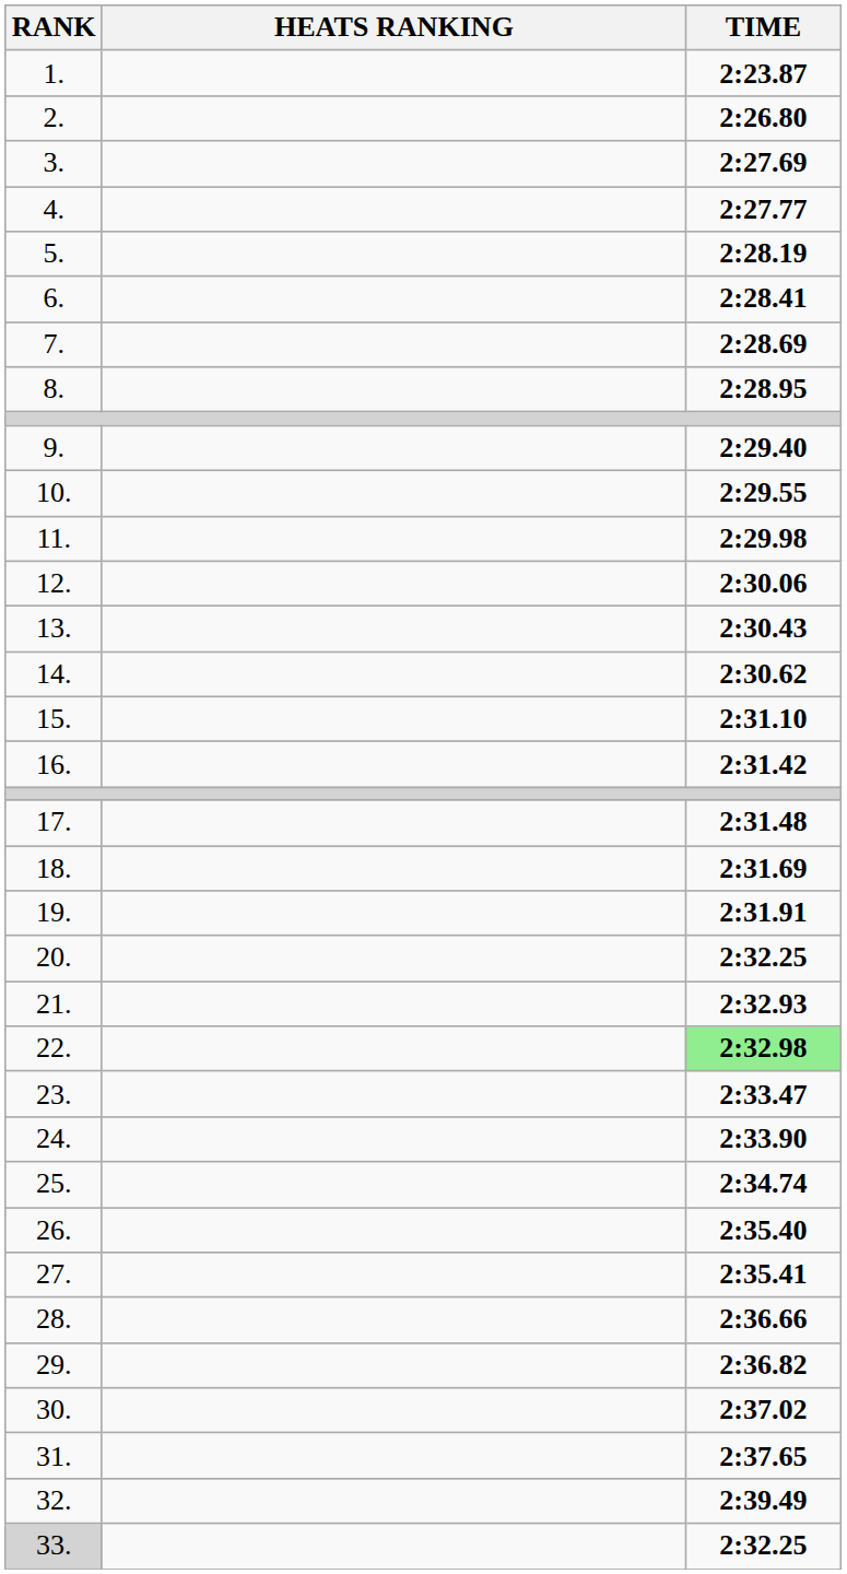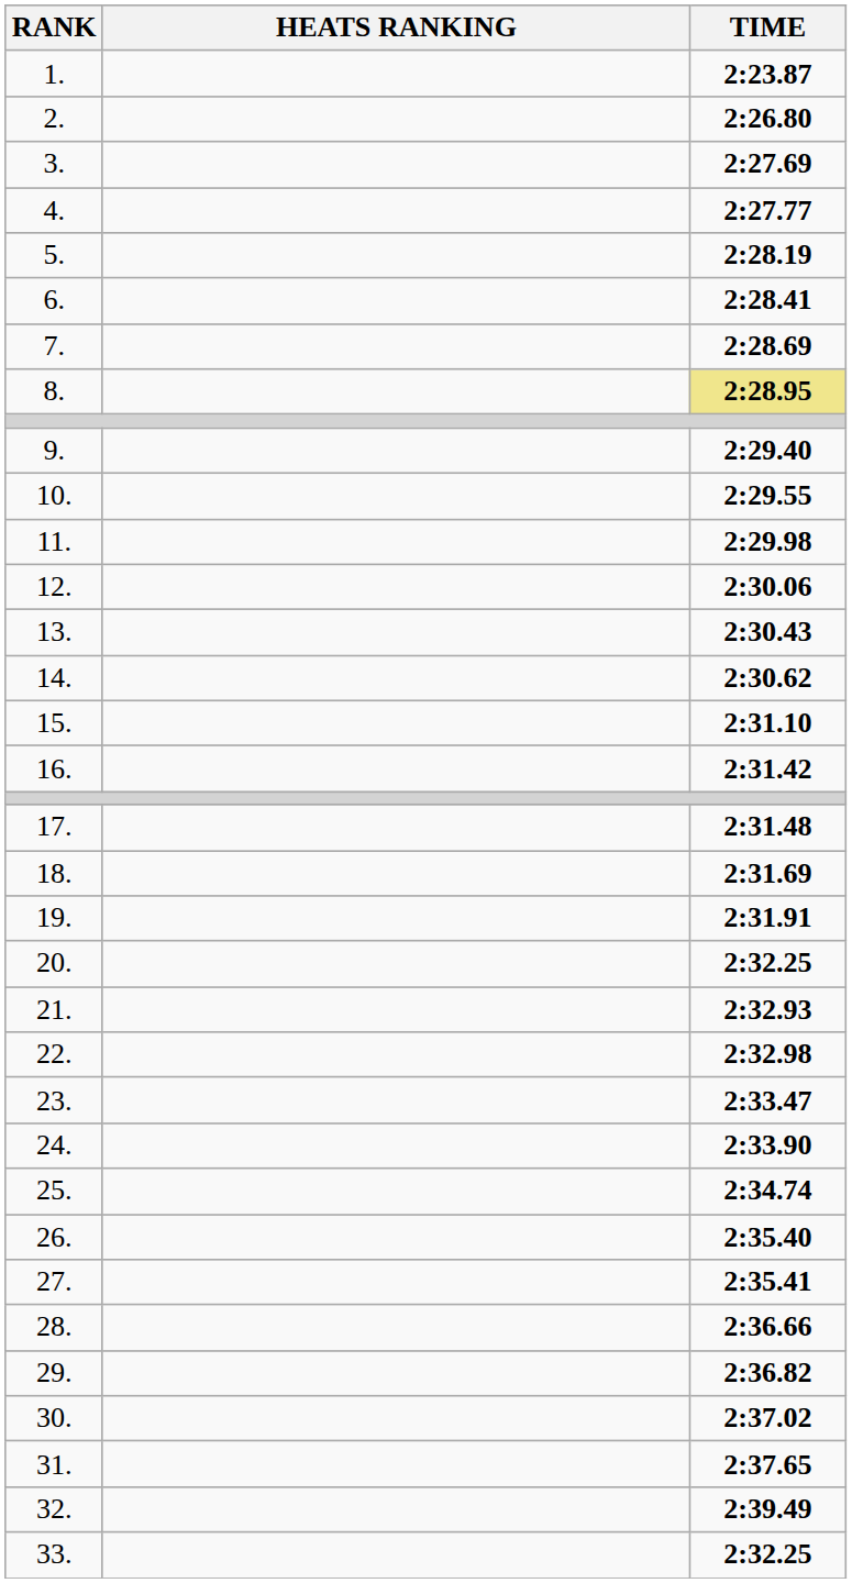 <table class="wikitable">
 <tr>
 <th>RANK</th>
 <th style="width: 20em">HEATS RANKING</th>
 <th style="width: 5em">TIME</th>
 </tr>
 <tr>
 <td align="center">1.</td>
 <td></td>
 <td align="center"><strong>2:23.87</strong></td>
 </tr>
 <tr>
 <td align="center">2.</td>
 <td></td>
 <td align="center"><strong>2:26.80</strong></td>
 </tr>
 <tr>
 <td align="center">3.</td>
 <td></td>
 <td align="center"><strong>2:27.69</strong></td>
 </tr>
 <tr>
 <td align="center">4.</td>
 <td></td>
 <td align="center"><strong>2:27.77</strong></td>
 </tr>
 <tr>
 <td align="center">5.</td>
 <td></td>
 <td align="center"><strong>2:28.19</strong></td>
 </tr>
 <tr>
 <td align="center">6.</td>
 <td></td>
 <td align="center"><strong>2:28.41</strong></td>
 </tr>
 <tr>
 <td align="center">7.</td>
 <td></td>
 <td align="center"><strong>2:28.69</strong></td>
 </tr>
 <tr>
 <td align="center">8.</td>
 <td></td>
-<td align="center"><strong>2:28.95</strong></td>
+<td align="center" style="background: khaki;"><strong>2:28.95</strong></td>
 </tr>
 <tr>
 <td colspan=3 bgcolor=lightgray></td>
 </tr>
 <tr>
 <td align="center">9.</td>
 <td></td>
 <td align="center"><strong>2:29.40</strong></td>
 </tr>
 <tr>
 <td align="center">10.</td>
 <td></td>
 <td align="center"><strong>2:29.55</strong></td>
 </tr>
 <tr>
 <td align="center">11.</td>
 <td></td>
 <td align="center"><strong>2:29.98</strong></td>
 </tr>
 <tr>
 <td align="center">12.</td>
 <td></td>
 <td align="center"><strong>2:30.06</strong></td>
 </tr>
 <tr>
 <td align="center">13.</td>
 <td></td>
 <td align="center"><strong>2:30.43</strong></td>
 </tr>
 <tr>
 <td align="center">14.</td>
 <td></td>
 <td align="center"><strong>2:30.62</strong></td>
 </tr>
 <tr>
 <td align="center">15.</td>
 <td></td>
 <td align="center"><strong>2:31.10</strong></td>
 </tr>
 <tr>
 <td align="center">16.</td>
 <td></td>
 <td align="center"><strong>2:31.42</strong></td>
 </tr>
 <tr>
 <td colspan=3 bgcolor=lightgray></td>
 </tr>
 <tr>
 <td align="center">17.</td>
 <td></td>
 <td align="center"><strong>2:31.48</strong></td>
 </tr>
 <tr>
 <td align="center">18.</td>
 <td></td>
 <td align="center"><strong>2:31.69</strong></td>
 </tr>
 <tr>
 <td align="center">19.</td>
 <td></td>
 <td align="center"><strong>2:31.91</strong></td>
 </tr>
 <tr>
 <td align="center">20.</td>
 <td></td>
 <td align="center"><strong>2:32.25</strong></td>
 </tr>
 <tr>
 <td align="center">21.</td>
 <td></td>
 <td align="center"><strong>2:32.93</strong></td>
 </tr>
 <tr>
 <td align="center">22.</td>
 <td></td>
-<td align="center" style="background: lightgreen;"><strong>2:32.98</strong></td>
+<td align="center"><strong>2:32.98</strong></td>
 </tr>
 <tr>
 <td align="center">23.</td>
 <td></td>
 <td align="center"><strong>2:33.47</strong></td>
 </tr>
 <tr>
 <td align="center">24.</td>
 <td></td>
 <td align="center"><strong>2:33.90</strong></td>
 </tr>
 <tr>
 <td align="center">25.</td>
 <td></td>
 <td align="center"><strong>2:34.74</strong></td>
 </tr>
 <tr>
 <td align="center">26.</td>
 <td></td>
 <td align="center"><strong>2:35.40</strong></td>
 </tr>
 <tr>
 <td align="center">27.</td>
 <td></td>
 <td align="center"><strong>2:35.41</strong></td>
 </tr>
 <tr>
 <td align="center">28.</td>
 <td></td>
 <td align="center"><strong>2:36.66</strong></td>
 </tr>
 <tr>
 <td align="center">29.</td>
 <td></td>
 <td align="center"><strong>2:36.82</strong></td>
 </tr>
 <tr>
 <td align="center">30.</td>
 <td></td>
 <td align="center"><strong>2:37.02</strong></td>
 </tr>
 <tr>
 <td align="center">31.</td>
 <td></td>
 <td align="center"><strong>2:37.65</strong></td>
 </tr>
 <tr>
 <td align="center">32.</td>
 <td></td>
 <td align="center"><strong>2:39.49</strong></td>
 </tr>
 <tr>
-<td align="center" style="background: lightgrey;">33.</td>
+<td align="center">33.</td>
 <td></td>
 <td align="center"><strong>2:32.25</strong></td>
 </tr>
 </table>
